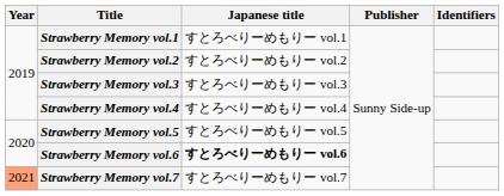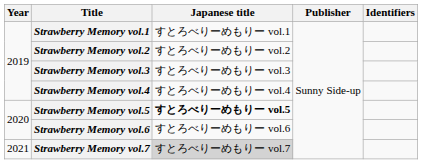 <table class="wikitable plainrowheaders">
 <tr>
 <th>Year</th>
 <th>Title</th>
 <th>Japanese title</th>
 <th>Publisher</th>
 <th>Identifiers</th>
 </tr>
 <tr>
 <td rowspan="4">2019</td>
 <th scope="row"><em>Strawberry Memory vol.1</em></th>
 <td>すとろべりーめもりー vol.1</td>
 <td rowspan="7">Sunny Side-up</td>
 <td></td>
 </tr>
 <tr>
 <th scope="row"><em>Strawberry Memory vol.2</em></th>
 <td>すとろべりーめもりー vol.2</td>
 <td></td>
 </tr>
 <tr>
 <th scope="row"><em>Strawberry Memory vol.3</em></th>
 <td>すとろべりーめもりー vol.3</td>
 <td></td>
 </tr>
 <tr>
 <th scope="row"><em>Strawberry Memory vol.4</em></th>
 <td>すとろべりーめもりー vol.4</td>
 <td></td>
 </tr>
 <tr>
 <td rowspan="2">2020</td>
 <th scope="row"><em>Strawberry Memory vol.5</em></th>
-<td>すとろべりーめもりー vol.5</td>
+<td><strong>すとろべりーめもりー vol.5</strong></td>
 <td></td>
 </tr>
 <tr>
 <th scope="row"><em>Strawberry Memory vol.6</em></th>
-<td><strong>すとろべりーめもりー vol.6</strong></td>
+<td>すとろべりーめもりー vol.6</td>
 <td></td>
 </tr>
 <tr>
-<td style="background: lightsalmon;">2021</td>
+<td>2021</td>
 <th scope="row"><em>Strawberry Memory vol.7</em></th>
-<td>すとろべりーめもりー vol.7</td>
+<td style="background: lightgrey;">すとろべりーめもりー vol.7</td>
 <td></td>
 </tr>
 </table>
